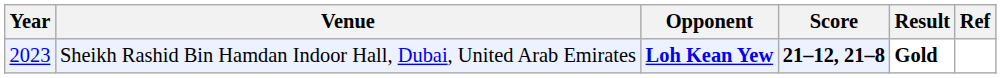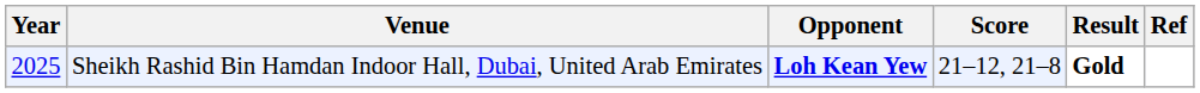 <table class="sortable wikitable" style="font-size: 90%">
 <tr>
 <th>Year</th>
 <th>Venue</th>
 <th>Opponent</th>
 <th>Score</th>
 <th>Result</th>
 <th>Ref</th>
 </tr>
 <tr style="background:#ECF2FF">
-<td align="center"><a href='#'>2023</a></td>
+<td align="center"><a href='#'>2025</a></td>
 <td align="left">Sheikh Rashid Bin Hamdan Indoor Hall, <a href='#'>Dubai</a>, United Arab Emirates</td>
 <td align="left"><strong> <a href='#'>Loh Kean Yew</a></strong></td>
-<td align="left"><strong>21–12, 21–8</strong></td>
+<td align="left">21–12, 21–8</td>
 <td style="text-align:left; background:white"> <strong>Gold</strong></td>
 <td style="text-align:center; background:white"></td>
 </tr>
 </table>
